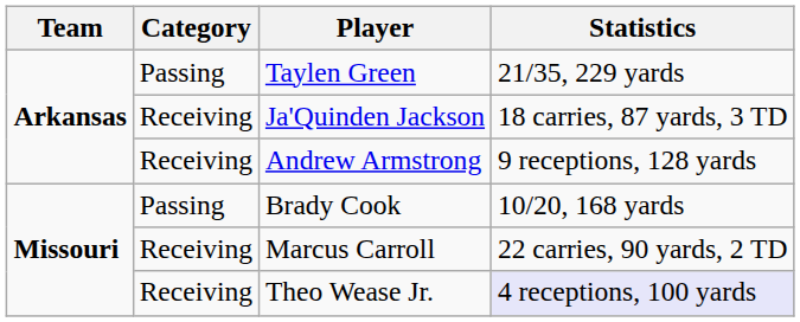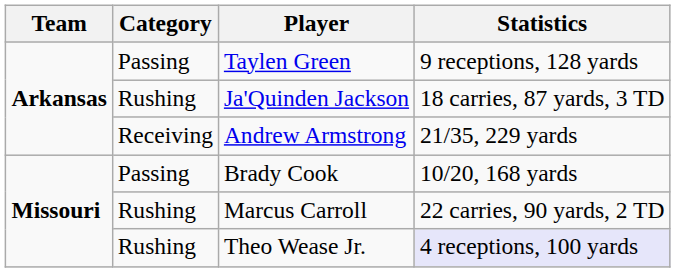 <table class="wikitable" style="float: right;">
 <tr>
 <th>Team</th>
 <th>Category</th>
 <th>Player</th>
 <th>Statistics</th>
 </tr>
 <tr>
 <td rowspan=3><strong>Arkansas</strong></td>
 <td>Passing</td>
 <td><a href='#'>Taylen Green</a></td>
-<td>21/35, 229 yards</td>
+<td>9 receptions, 128 yards</td>
 </tr>
 <tr>
-<td>Receiving</td>
+<td>Rushing</td>
 <td><a href='#'>Ja'Quinden Jackson</a></td>
 <td>18 carries, 87 yards, 3 TD</td>
 </tr>
 <tr>
 <td>Receiving</td>
 <td><a href='#'>Andrew Armstrong</a></td>
-<td>9 receptions, 128 yards</td>
+<td>21/35, 229 yards</td>
 </tr>
 <tr>
 <td rowspan=3><strong>Missouri</strong></td>
 <td>Passing</td>
 <td>Brady Cook</td>
 <td>10/20, 168 yards</td>
 </tr>
 <tr>
-<td>Receiving</td>
+<td>Rushing</td>
 <td>Marcus Carroll</td>
 <td>22 carries, 90 yards, 2 TD</td>
 </tr>
 <tr>
-<td>Receiving</td>
+<td>Rushing</td>
 <td>Theo Wease Jr.</td>
 <td style="background: lavender;">4 receptions, 100 yards</td>
 </tr>
 </table>
